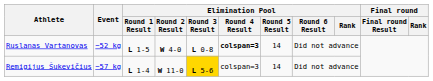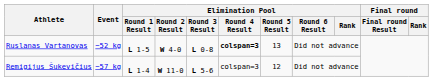 <table class="wikitable" style="font-size:90%">
 <tr>
 <th rowspan="2">Athlete</th>
 <th rowspan="2">Event</th>
 <th colspan=7>Elimination Pool</th>
 <th colspan=2>Final round</th>
 </tr>
 <tr style="font-size: 95%">
 <th>Round 1<br>Result</th>
 <th>Round 2<br>Result</th>
 <th>Round 3<br>Result</th>
 <th>Round 4<br>Result</th>
 <th>Round 5<br>Result</th>
 <th>Round 6<br>Result</th>
 <th>Rank</th>
 <th>Final round<br>Result</th>
 <th>Rank</th>
 </tr>
 <tr align=center>
 <td align=left><a href='#'>Ruslanas Vartanovas</a></td>
 <td align=left><a href='#'>−52 kg</a></td>
 <td><br><strong>L</strong> 1-5</td>
 <td><br><strong>W</strong> 4-0</td>
 <td><br><strong>L</strong> 0-8</td>
 <td><strong>colspan=3 </strong></td>
-<td>14</td>
+<td>13</td>
 <td colspan=2>Did not advance</td>
 </tr>
 <tr align=center>
 <td align=left><a href='#'>Remigijus Šukevičius</a></td>
 <td align=left><a href='#'>−57 kg</a></td>
 <td><br><strong>L</strong> 1-4</td>
 <td><br><strong>W</strong> 11-0</td>
-<td style="background: gold;"><br><strong>L</strong> 5-6</td>
+<td><br><strong>L</strong> 5-6</td>
 <td>colspan=3 </td>
-<td>14</td>
+<td>12</td>
 <td colspan=2>Did not advance</td>
 </tr>
 </table>
